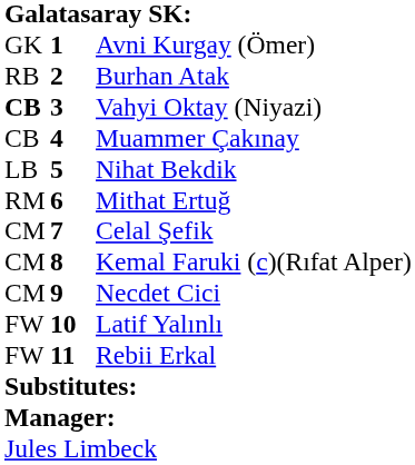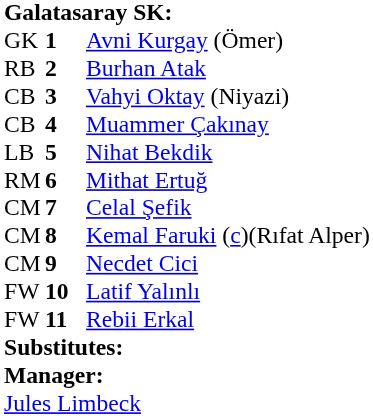 <table style="font-size: 90%" cellspacing="0" cellpadding="0">
 <tr>
 <td colspan="4"><strong>Galatasaray SK:</strong></td>
 </tr>
 <tr>
 <th width="25"></th>
 <th width="25"></th>
 </tr>
 <tr>
 <td>GK</td>
 <td><strong>1</strong></td>
 <td> <a href='#'>Avni Kurgay</a> (Ömer)</td>
 </tr>
 <tr>
 <td>RB</td>
 <td><strong>2</strong></td>
 <td> <a href='#'>Burhan Atak</a></td>
 </tr>
 <tr>
-<td><strong>CB</strong></td>
+<td>CB</td>
 <td><strong>3</strong></td>
 <td> <a href='#'>Vahyi Oktay</a>  (Niyazi)</td>
 </tr>
 <tr>
 <td>CB</td>
 <td><strong>4</strong></td>
 <td> <a href='#'>Muammer Çakınay</a></td>
 </tr>
 <tr>
 <td>LB</td>
 <td><strong>5</strong></td>
 <td> <a href='#'>Nihat Bekdik</a></td>
 </tr>
 <tr>
 <td>RM</td>
 <td><strong>6</strong></td>
 <td> <a href='#'>Mithat Ertuğ</a></td>
 </tr>
 <tr>
 <td>CM</td>
 <td><strong>7</strong></td>
 <td> <a href='#'>Celal Şefik</a></td>
 </tr>
 <tr>
 <td>CM</td>
 <td><strong>8</strong></td>
 <td> <a href='#'>Kemal Faruki</a> (<a href='#'>c</a>)(Rıfat Alper)</td>
 </tr>
 <tr>
 <td>CM</td>
 <td><strong>9</strong></td>
 <td> <a href='#'>Necdet Cici</a></td>
 </tr>
 <tr>
 <td>FW</td>
 <td><strong>10</strong></td>
 <td> <a href='#'>Latif Yalınlı</a></td>
 </tr>
 <tr>
 <td>FW</td>
 <td><strong>11</strong></td>
 <td> <a href='#'>Rebii Erkal</a></td>
 </tr>
 <tr>
 <td colspan=4><strong>Substitutes:</strong></td>
 </tr>
 <tr>
 <td colspan=4><strong>Manager:</strong></td>
 </tr>
 <tr>
 <td colspan="4"> <a href='#'>Jules Limbeck</a></td>
 </tr>
 </table>
